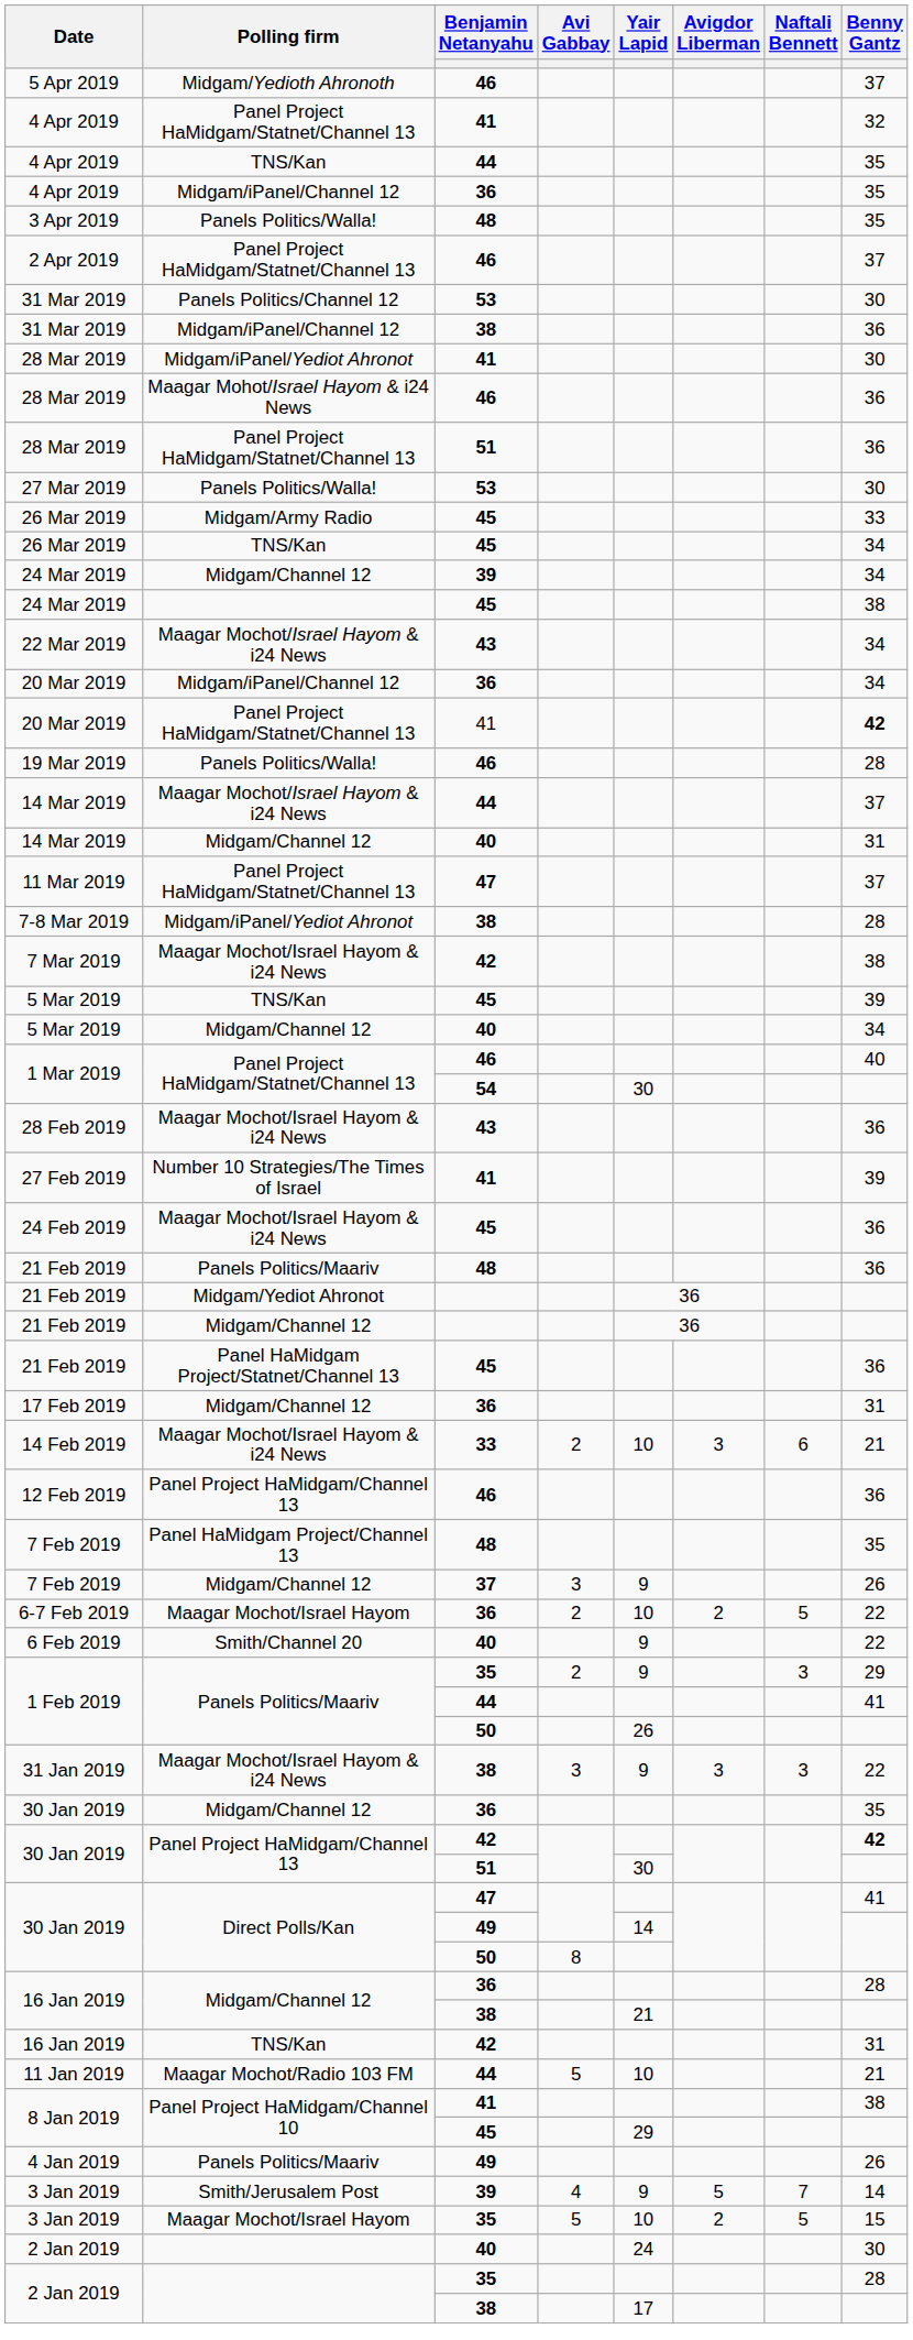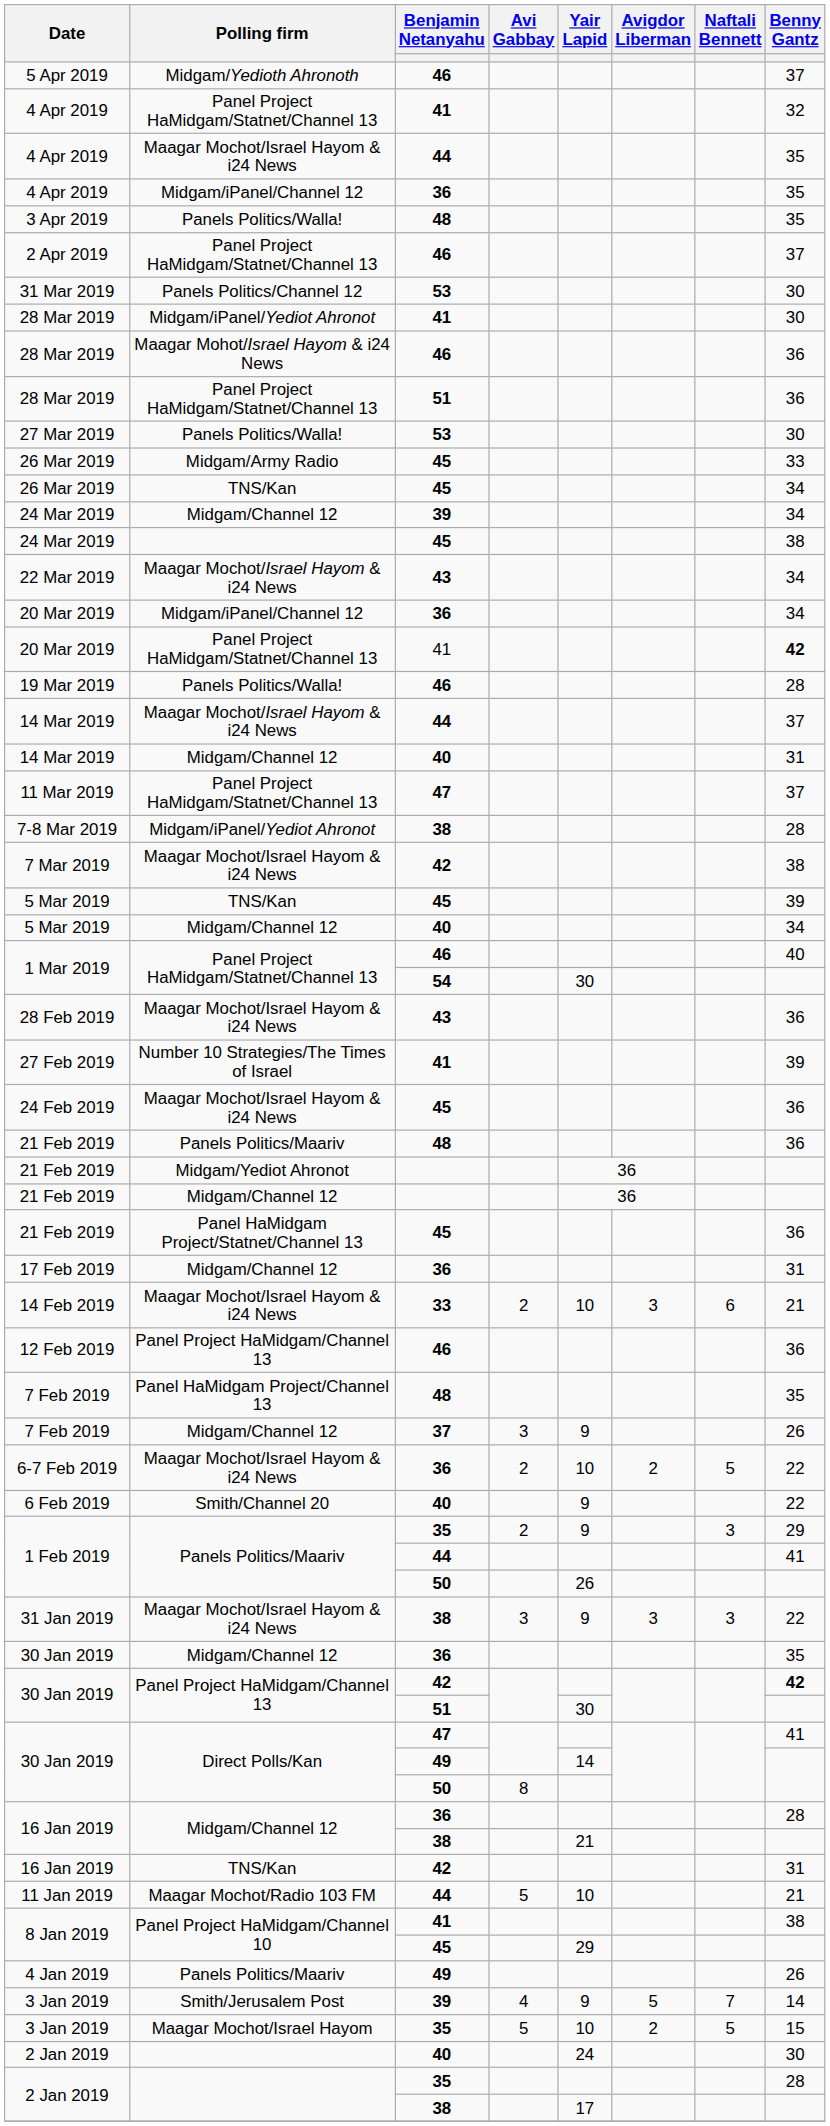 <table class="wikitable sortable" style="text-align:center; font-size:90%; line-height:16px;">
 <tr style="height:42px;">
 <th style="width:100px;" rowspan="2">Date</th>
 <th style="width:220px;" rowspan="2">Polling firm</th>
 <th><a href='#'>Benjamin<br>Netanyahu</a></th>
 <th><a href='#'>Avi<br>Gabbay</a></th>
 <th><a href='#'>Yair<br>Lapid</a></th>
 <th><a href='#'>Avigdor<br>Liberman</a></th>
 <th><a href='#'>Naftali<br>Bennett</a></th>
 <th><a href='#'>Benny<br>Gantz</a></th>
 </tr>
 <tr>
 <th style="color:inherit;background:"></th>
 <th style="color:inherit;background:"></th>
 <th style="color:inherit;background:"></th>
 <th style="color:inherit;background:"></th>
 <th style="color:inherit;background:"></th>
 <th style="color:inherit;background:"></th>
 </tr>
 <tr>
 <td data-sort-value="2019-04-05">5 Apr 2019</td>
 <td>Midgam/<em>Yedioth Ahronoth</em></td>
 <td><strong>46</strong>	</td>
 <td></td>
 <td></td>
 <td></td>
 <td></td>
 <td>37		</td>
 </tr>
 <tr>
 <td data-sort-value="2019-04-04">4 Apr 2019</td>
 <td>Panel Project HaMidgam/Statnet/Channel 13</td>
 <td><strong>41</strong>	</td>
 <td></td>
 <td></td>
 <td></td>
 <td></td>
 <td>32		</td>
 </tr>
 <tr>
 <td data-sort-value="2019-04-04">4 Apr 2019</td>
-<td>TNS/Kan</td>
+<td>Maagar Mochot/Israel Hayom & i24 News</td>
 <td><strong>44</strong>	</td>
 <td></td>
 <td></td>
 <td></td>
 <td></td>
 <td>35		</td>
 </tr>
 <tr>
 <td data-sort-value="2019-04-04">4 Apr 2019</td>
 <td>Midgam/iPanel/Channel 12</td>
 <td><strong>36</strong>	</td>
 <td></td>
 <td></td>
 <td></td>
 <td></td>
 <td>35		</td>
 </tr>
 <tr>
 <td data-sort-value="2019-04-03">3 Apr 2019</td>
 <td>Panels Politics/Walla!</td>
 <td><strong>48</strong>	</td>
 <td></td>
 <td></td>
 <td></td>
 <td></td>
 <td>35		</td>
 </tr>
 <tr>
 <td data-sort-value="2019-04-02">2 Apr 2019</td>
 <td>Panel Project HaMidgam/Statnet/Channel 13</td>
 <td><strong>46</strong>	</td>
 <td></td>
 <td></td>
 <td></td>
 <td></td>
 <td>37		</td>
 </tr>
 <tr>
 <td data-sort-value="2019-03-31">31 Mar 2019</td>
 <td>Panels Politics/Channel 12</td>
 <td><strong>53</strong>	</td>
 <td></td>
 <td></td>
 <td></td>
 <td></td>
 <td>30		</td>
-</tr>
-<tr>
-<td data-sort-value="2019-03-31">31 Mar 2019</td>
-<td>Midgam/iPanel/Channel 12</td>
-<td><strong>38</strong>	</td>
-<td></td>
-<td></td>
-<td></td>
-<td></td>
-<td>36		</td>
 </tr>
 <tr>
 <td data-sort-value="2019-03-28">28 Mar 2019</td>
 <td>Midgam/iPanel/<em>Yediot Ahronot</em></td>
 <td><strong>41</strong>	</td>
 <td></td>
 <td></td>
 <td></td>
 <td></td>
 <td>30		</td>
 </tr>
 <tr>
 <td data-sort-value="2019-03-28">28 Mar 2019</td>
 <td>Maagar Mohot/<em>Israel Hayom</em> & i24 News</td>
 <td><strong>46</strong>	</td>
 <td></td>
 <td></td>
 <td></td>
 <td></td>
 <td>36		</td>
 </tr>
 <tr>
 <td data-sort-value="2019-03-28">28 Mar 2019</td>
 <td>Panel Project HaMidgam/Statnet/Channel 13</td>
 <td><strong>51</strong>	</td>
 <td></td>
 <td></td>
 <td></td>
 <td></td>
 <td>36		</td>
 </tr>
 <tr>
 <td data-sort-value="2019-03-27">27 Mar 2019</td>
 <td>Panels Politics/Walla!</td>
 <td><strong>53</strong>	</td>
 <td></td>
 <td></td>
 <td></td>
 <td></td>
 <td>30		</td>
 </tr>
 <tr>
 <td data-sort-value="2019-03-26">26 Mar 2019</td>
 <td>Midgam/Army Radio</td>
 <td><strong>45</strong>	</td>
 <td></td>
 <td></td>
 <td></td>
 <td></td>
 <td>33		</td>
 </tr>
 <tr>
 <td data-sort-value="2019-03-26">26 Mar 2019</td>
 <td>TNS/Kan</td>
 <td><strong>45</strong>	</td>
 <td></td>
 <td></td>
 <td></td>
 <td></td>
 <td>34		</td>
 </tr>
 <tr>
 <td data-sort-value="2019-03-24">24 Mar 2019</td>
 <td>Midgam/Channel 12</td>
 <td><strong>39</strong>	</td>
 <td></td>
 <td></td>
 <td></td>
 <td></td>
 <td>34		</td>
 </tr>
 <tr>
 <td data-sort-value="2019-03-24">24 Mar 2019</td>
 <td></td>
 <td><strong>45</strong>	</td>
 <td></td>
 <td></td>
 <td></td>
 <td></td>
 <td>38		</td>
 </tr>
 <tr>
 <td data-sort-value="2019-03-22">22 Mar 2019</td>
 <td>Maagar Mochot/<em>Israel Hayom</em> & i24 News</td>
 <td><strong>43</strong>	</td>
 <td></td>
 <td></td>
 <td></td>
 <td></td>
 <td>34		</td>
 </tr>
 <tr>
 <td data-sort-value="2019-03-20">20 Mar 2019</td>
 <td>Midgam/iPanel/Channel 12</td>
 <td><strong>36</strong>	</td>
 <td></td>
 <td></td>
 <td></td>
 <td></td>
 <td>34		</td>
 </tr>
 <tr>
 <td data-sort-value="2019-03-20">20 Mar 2019</td>
 <td>Panel Project HaMidgam/Statnet/Channel 13</td>
 <td>41		</td>
 <td></td>
 <td></td>
 <td></td>
 <td></td>
 <td><strong>42</strong>	</td>
 </tr>
 <tr>
 <td data-sort-value="2019-03-19">19 Mar 2019</td>
 <td>Panels Politics/Walla!</td>
 <td><strong>46</strong>	</td>
 <td></td>
 <td></td>
 <td></td>
 <td></td>
 <td>28		</td>
 </tr>
 <tr>
 <td data-sort-value="2019-03-14">14 Mar 2019</td>
 <td>Maagar Mochot/<em>Israel Hayom</em> & i24 News</td>
 <td><strong>44</strong>	</td>
 <td></td>
 <td></td>
 <td></td>
 <td></td>
 <td>37		</td>
 </tr>
 <tr>
 <td data-sort-value="2019-03-14">14 Mar 2019</td>
 <td>Midgam/Channel 12</td>
 <td><strong>40</strong>	</td>
 <td></td>
 <td></td>
 <td></td>
 <td></td>
 <td>31		</td>
 </tr>
 <tr>
 <td data-sort-value="2019-03-11">11 Mar 2019</td>
 <td>Panel Project HaMidgam/Statnet/Channel 13</td>
 <td><strong>47</strong>	</td>
 <td></td>
 <td></td>
 <td></td>
 <td></td>
 <td>37		</td>
 </tr>
 <tr>
 <td data-sort-value="2019-03-08">7-8 Mar 2019</td>
 <td>Midgam/iPanel/<em>Yediot Ahronot</em></td>
 <td><strong>38</strong>	</td>
 <td></td>
 <td></td>
 <td></td>
 <td></td>
 <td>28		</td>
 </tr>
 <tr>
 <td data-sort-value="2019-03-07">7 Mar 2019</td>
 <td>Maagar Mochot/Israel Hayom & i24 News</td>
 <td><strong>42</strong>	</td>
 <td></td>
 <td></td>
 <td></td>
 <td></td>
 <td>38		</td>
 </tr>
 <tr>
 <td data-sort-value="2019-03-05">5 Mar 2019</td>
 <td>TNS/Kan</td>
 <td><strong>45</strong>	</td>
 <td></td>
 <td></td>
 <td></td>
 <td></td>
 <td>39		</td>
 </tr>
 <tr>
 <td data-sort-value="2019-03-05">5 Mar 2019</td>
 <td>Midgam/Channel 12</td>
 <td><strong>40</strong>	</td>
 <td></td>
 <td></td>
 <td></td>
 <td></td>
 <td>34		</td>
 </tr>
 <tr>
 <td data-sort-value="2019-03-01" rowspan="2">1 Mar 2019</td>
 <td rowspan="2">Panel Project HaMidgam/Statnet/Channel 13</td>
 <td><strong>46</strong>	</td>
 <td></td>
 <td></td>
 <td></td>
 <td></td>
 <td>40		</td>
 </tr>
 <tr>
 <td><strong>54</strong>	</td>
 <td></td>
 <td>30		</td>
 <td></td>
 <td></td>
 <td></td>
 </tr>
 <tr>
 <td data-sort-value="2019-02-28">28 Feb 2019</td>
 <td>Maagar Mochot/Israel Hayom & i24 News</td>
 <td><strong>43</strong>	</td>
 <td></td>
 <td></td>
 <td></td>
 <td></td>
 <td>36		</td>
 </tr>
 <tr>
 <td data-sort-value="2019-02-27">27 Feb 2019</td>
 <td>Number 10 Strategies/The Times of Israel</td>
 <td><strong>41</strong>	</td>
 <td></td>
 <td></td>
 <td></td>
 <td></td>
 <td>39		</td>
 </tr>
 <tr>
 <td data-sort-value="2019-02-24">24 Feb 2019</td>
 <td>Maagar Mochot/Israel Hayom & i24 News</td>
 <td><strong>45</strong>	</td>
 <td></td>
 <td></td>
 <td></td>
 <td></td>
 <td>36		</td>
 </tr>
 <tr>
 <td data-sort-value="2019-02-21">21 Feb 2019</td>
 <td>Panels Politics/Maariv</td>
 <td><strong>48</strong>	</td>
 <td></td>
 <td></td>
 <td></td>
 <td></td>
 <td>36		</td>
 </tr>
 <tr>
 <td data-sort-value="2019-02-21">21 Feb 2019</td>
 <td>Midgam/Yediot Ahronot</td>
 <td></td>
 <td></td>
 <td colspan="2">36 </td>
 <td></td>
 <td></td>
 </tr>
 <tr>
 <td data-sort-value="2019-02-21">21 Feb 2019</td>
 <td>Midgam/Channel 12</td>
 <td></td>
 <td></td>
 <td colspan="2">36 </td>
 <td></td>
 <td></td>
 </tr>
 <tr>
 <td data-sort-value="2019-02-21">21 Feb 2019</td>
 <td>Panel HaMidgam Project/Statnet/Channel 13</td>
 <td><strong>45</strong>	</td>
 <td></td>
 <td></td>
 <td></td>
 <td></td>
 <td>36		</td>
 </tr>
 <tr>
 <td data-sort-value="2019-02-17">17 Feb 2019</td>
 <td>Midgam/Channel 12</td>
 <td><strong>36</strong>	</td>
 <td></td>
 <td></td>
 <td></td>
 <td></td>
 <td>31		</td>
 </tr>
 <tr>
 <td data-sort-value="2019-02-14">14 Feb 2019</td>
 <td>Maagar Mochot/Israel Hayom & i24 News</td>
 <td><strong>33</strong>	</td>
 <td>2		</td>
 <td>10		</td>
 <td>3		</td>
 <td>6		</td>
 <td>21		</td>
 </tr>
 <tr>
 <td data-sort-value="2019-02-12">12 Feb 2019</td>
 <td>Panel Project HaMidgam/Channel 13</td>
 <td><strong>46</strong>	</td>
 <td></td>
 <td></td>
 <td></td>
 <td></td>
 <td>36		</td>
 </tr>
 <tr>
 <td data-sort-value="2019-02-07">7 Feb 2019</td>
 <td>Panel HaMidgam Project/Channel 13</td>
 <td><strong>48</strong>	</td>
 <td></td>
 <td></td>
 <td></td>
 <td></td>
 <td>35		</td>
 </tr>
 <tr>
 <td data-sort-value="2019-02-07">7 Feb 2019</td>
 <td>Midgam/Channel 12</td>
 <td><strong>37</strong>	</td>
 <td>3		</td>
 <td>9		</td>
 <td></td>
 <td></td>
 <td>26		</td>
 </tr>
 <tr>
 <td data-sort-value="2019-02-07">6-7 Feb 2019</td>
-<td>Maagar Mochot/Israel Hayom</td>
+<td>Maagar Mochot/Israel Hayom & i24 News</td>
 <td><strong>36</strong>	</td>
 <td>2		</td>
 <td>10		</td>
 <td>2		</td>
 <td>5		</td>
 <td>22		</td>
 </tr>
 <tr>
 <td data-sort-value="2019-02-06">6 Feb 2019</td>
 <td>Smith/Channel 20</td>
 <td><strong>40</strong>	</td>
 <td></td>
 <td>9		</td>
 <td></td>
 <td></td>
 <td>22		</td>
 </tr>
 <tr>
 <td rowspan="3" data-sort-value="2019-02-01">1 Feb 2019</td>
 <td rowspan="3">Panels Politics/Maariv</td>
 <td><strong>35</strong>	</td>
 <td>2		</td>
 <td>9		</td>
 <td></td>
 <td>3		</td>
 <td>29		</td>
 </tr>
 <tr>
 <td><strong>44</strong>	</td>
 <td></td>
 <td></td>
 <td></td>
 <td></td>
 <td>41		</td>
 </tr>
 <tr>
 <td><strong>50</strong>	</td>
 <td></td>
 <td>26		</td>
 <td></td>
 <td></td>
 <td></td>
 </tr>
 <tr>
 <td data-sort-value="2019-01-31">31 Jan 2019</td>
 <td>Maagar Mochot/Israel Hayom & i24 News</td>
 <td><strong>38</strong>	</td>
 <td>3		</td>
 <td>9		</td>
 <td>3		</td>
 <td>3		</td>
 <td>22		</td>
 </tr>
 <tr>
 <td data-sort-value="2019-01-30">30 Jan 2019</td>
 <td>Midgam/Channel 12</td>
 <td><strong>36</strong>	</td>
 <td></td>
 <td></td>
 <td></td>
 <td></td>
 <td>35		</td>
 </tr>
 <tr>
 <td rowspan="2" data-sort-value="2019-01-30">30 Jan 2019</td>
 <td rowspan="2">Panel Project HaMidgam/Channel 13</td>
 <td><strong>42</strong>	</td>
 <td rowspan="2"></td>
 <td></td>
 <td rowspan="2"></td>
 <td rowspan="2"></td>
 <td><strong>42</strong>	</td>
 </tr>
 <tr>
 <td><strong>51</strong>	</td>
 <td>30		</td>
 <td></td>
 </tr>
 <tr>
 <td rowspan="3" data-sort-value="2019-01-30">30 Jan 2019</td>
 <td rowspan="3">Direct Polls/Kan</td>
 <td><strong>47</strong>	</td>
 <td rowspan="2"></td>
 <td></td>
 <td rowspan="3"></td>
 <td rowspan="3"></td>
 <td>41		</td>
 </tr>
 <tr>
 <td><strong>49</strong>	</td>
 <td>14</td>
 <td rowspan="2"></td>
 </tr>
 <tr>
 <td><strong>50</strong>	</td>
 <td>8</td>
 <td></td>
 </tr>
 <tr>
 <td data-sort-value="2019-01-16" rowspan="2">16 Jan 2019</td>
 <td rowspan="2">Midgam/Channel 12</td>
 <td><strong>36</strong>	</td>
 <td></td>
 <td></td>
 <td></td>
 <td></td>
 <td>28		</td>
 </tr>
 <tr>
 <td><strong>38</strong>	</td>
 <td></td>
 <td>21		</td>
 <td></td>
 <td></td>
 <td></td>
 </tr>
 <tr>
 <td data-sort-value="2019-01-16">16 Jan 2019</td>
 <td>TNS/Kan</td>
 <td><strong>42</strong>	</td>
 <td></td>
 <td></td>
 <td></td>
 <td></td>
 <td>31		</td>
 </tr>
 <tr>
 <td data-sort-value="2019-01-11">11 Jan 2019</td>
 <td>Maagar Mochot/Radio 103 FM</td>
 <td><strong>44</strong>	</td>
 <td>5		</td>
 <td>10		</td>
 <td></td>
 <td></td>
 <td>21		</td>
 </tr>
 <tr>
 <td data-sort-value="2019-01-08" rowspan="2">8 Jan 2019</td>
 <td rowspan="2">Panel Project HaMidgam/Channel 10</td>
 <td><strong>41</strong>	</td>
 <td></td>
 <td></td>
 <td></td>
 <td></td>
 <td>38		</td>
 </tr>
 <tr>
 <td><strong>45</strong>	</td>
 <td></td>
 <td>29		</td>
 <td></td>
 <td></td>
 <td></td>
 </tr>
 <tr>
 <td data-sort-value="2019-01-04">4 Jan 2019</td>
 <td>Panels Politics/Maariv</td>
 <td><strong>49</strong>	</td>
 <td></td>
 <td></td>
 <td></td>
 <td></td>
 <td>26		</td>
 </tr>
 <tr>
 <td data-sort-value="2019-01-03">3 Jan 2019</td>
 <td>Smith/Jerusalem Post</td>
 <td><strong>39</strong>	</td>
 <td>4		</td>
 <td>9		</td>
 <td>5		</td>
 <td>7		</td>
 <td>14		</td>
 </tr>
 <tr>
 <td data-sort-value="2019-01-03">3 Jan 2019</td>
 <td>Maagar Mochot/Israel Hayom</td>
 <td><strong>35</strong>	</td>
 <td>5		</td>
 <td>10		</td>
 <td>2		</td>
 <td>5		</td>
 <td>15		</td>
 </tr>
 <tr>
 <td data-sort-value="2019-01-02">2 Jan 2019</td>
 <td></td>
 <td><strong>40</strong>	</td>
 <td></td>
 <td>24		</td>
 <td></td>
 <td></td>
 <td>30		</td>
 </tr>
 <tr>
 <td data-sort-value="2019-01-02" rowspan="2">2 Jan 2019</td>
 <td rowspan="2"></td>
 <td><strong>35</strong>	</td>
 <td></td>
 <td></td>
 <td></td>
 <td></td>
 <td>28		</td>
 </tr>
 <tr>
 <td><strong>38</strong>	</td>
 <td></td>
 <td>17		</td>
 <td></td>
 <td></td>
 <td></td>
 </tr>
 <tr>
 </tr>
 </table>
